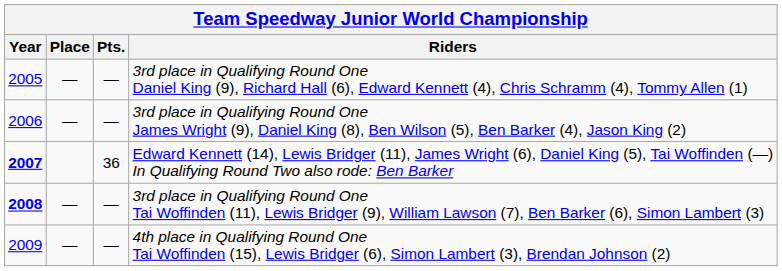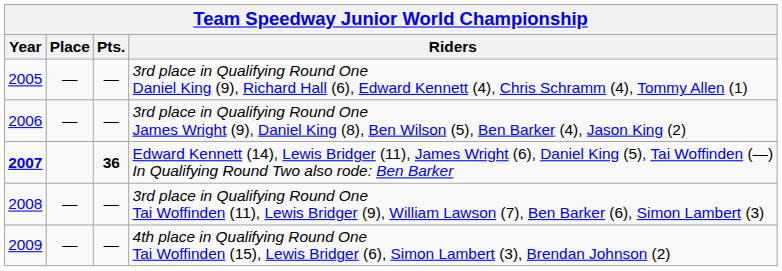 <table class=wikitable style="font-size: 90%;">
 <tr>
 <th colspan=4><big><a href='#'>Team Speedway Junior World Championship</a></big></th>
 </tr>
 <tr>
 <th>Year</th>
 <th>Place</th>
 <th>Pts.</th>
 <th>Riders</th>
 </tr>
 <tr align=center >
 <td><a href='#'>2005</a></td>
 <td>—</td>
 <td>—</td>
 <td align=left><em>3rd place in Qualifying Round One</em> <br> <a href='#'>Daniel King</a> (9), <a href='#'>Richard Hall</a> (6), <a href='#'>Edward Kennett</a> (4), <a href='#'>Chris Schramm</a> (4), <a href='#'>Tommy Allen</a> (1)</td>
 </tr>
 <tr align=center >
 <td><a href='#'>2006</a></td>
 <td>—</td>
 <td>—</td>
 <td align=left><em>3rd place in Qualifying Round One</em> <br> <a href='#'>James Wright</a> (9), <a href='#'>Daniel King</a> (8), <a href='#'>Ben Wilson</a> (5), <a href='#'>Ben Barker</a> (4), <a href='#'>Jason King</a> (2)</td>
 </tr>
 <tr align=center>
 <td><strong><a href='#'>2007</a></strong></td>
 <td></td>
-<td>36</td>
+<td><strong>36</strong></td>
 <td align=left><a href='#'>Edward Kennett</a> (14), <a href='#'>Lewis Bridger</a> (11), <a href='#'>James Wright</a> (6), <a href='#'>Daniel King</a> (5), <a href='#'>Tai Woffinden</a> (—) <br><em>In Qualifying Round Two also rode: <a href='#'>Ben Barker</a></em></td>
 </tr>
 <tr align=center >
-<td><strong><a href='#'>2008</a></strong></td>
+<td><a href='#'>2008</a></td>
 <td>—</td>
 <td>—</td>
 <td align=left><em>3rd place in Qualifying Round One</em> <br> <a href='#'>Tai Woffinden</a> (11), <a href='#'>Lewis Bridger</a> (9), <a href='#'>William Lawson</a> (7), <a href='#'>Ben Barker</a> (6), <a href='#'>Simon Lambert</a> (3)</td>
 </tr>
 <tr align=center >
 <td><a href='#'>2009</a></td>
 <td>—</td>
 <td>—</td>
 <td align=left><em>4th place in Qualifying Round One</em> <br> <a href='#'>Tai Woffinden</a> (15), <a href='#'>Lewis Bridger</a> (6), <a href='#'>Simon Lambert</a> (3), <a href='#'>Brendan Johnson</a> (2)</td>
 </tr>
 </table>
